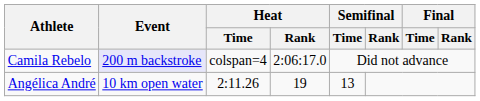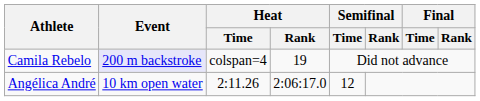 <table class=wikitable style="font-size:90%">
 <tr>
 <th rowspan="2">Athlete</th>
 <th rowspan="2">Event</th>
 <th colspan="2">Heat</th>
 <th colspan="2">Semifinal</th>
 <th colspan="2">Final</th>
 </tr>
 <tr style="font-size:95%">
 <th>Time</th>
 <th>Rank</th>
 <th>Time</th>
 <th>Rank</th>
 <th>Time</th>
 <th>Rank</th>
 </tr>
 <tr align=center>
 <td align=left><a href='#'>Camila Rebelo</a></td>
 <td align=left style="background: lavender;"><a href='#'>200 m backstroke</a></td>
 <td>colspan=4 </td>
-<td>2:06:17.0</td>
+<td>19</td>
 <td colspan=4>Did not advance</td>
 </tr>
 <tr align=center>
 <td align=left><a href='#'>Angélica André</a></td>
 <td align=left><a href='#'>10 km open water</a></td>
 <td>2:11.26</td>
-<td>19</td>
-<td>13</td>
+<td>2:06:17.0</td>
+<td>12</td>
 </tr>
 </table>
